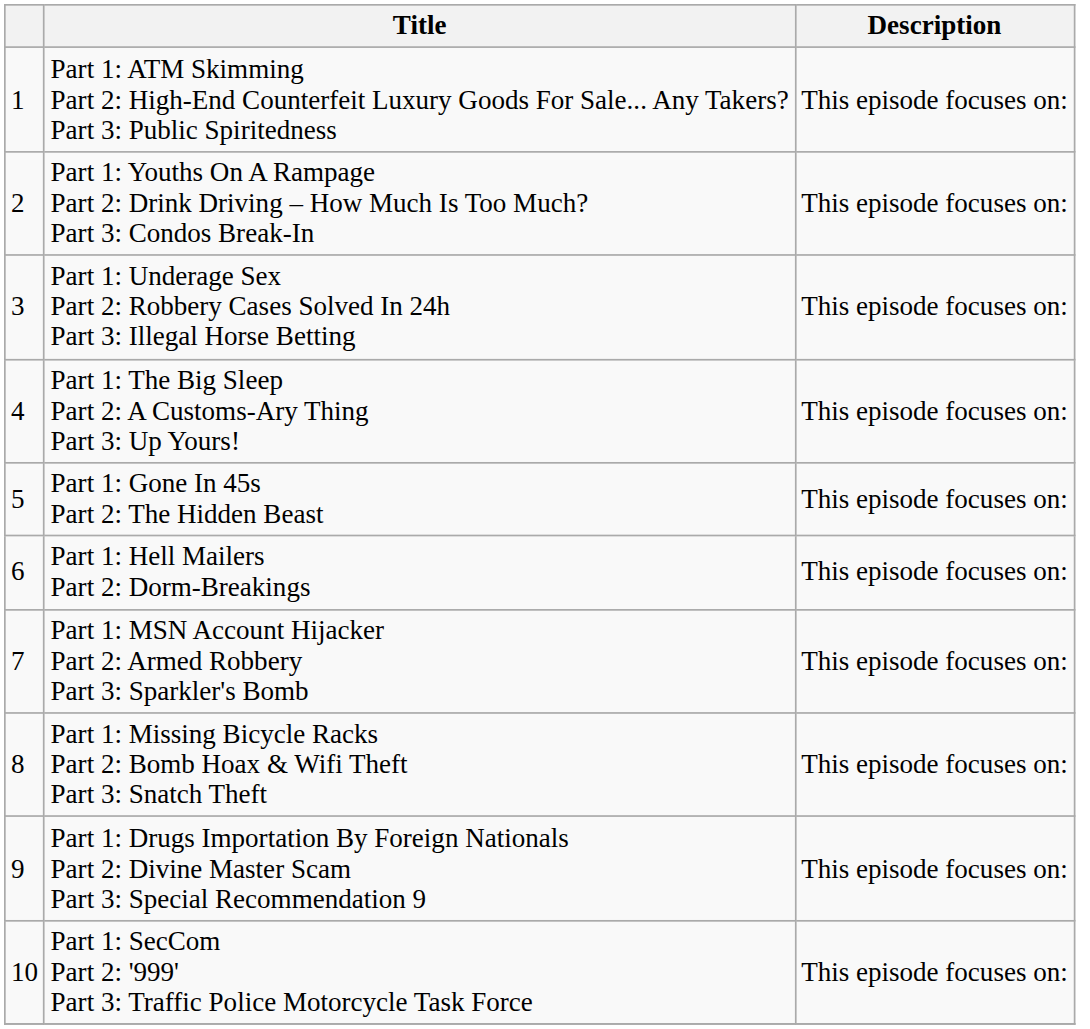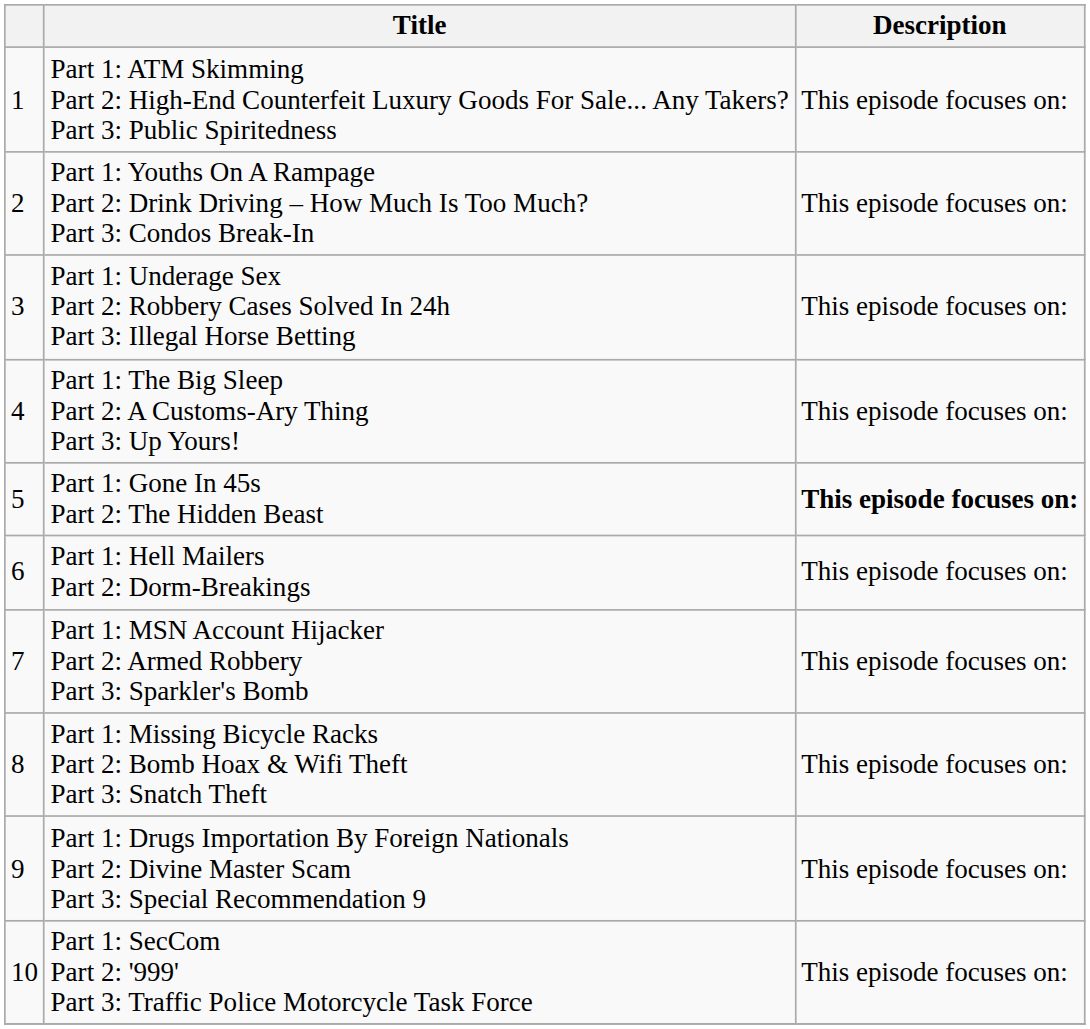 <table class="wikitable">
 <tr>
 <th></th>
 <th>Title</th>
 <th>Description</th>
 </tr>
 <tr>
 <td>1</td>
 <td>Part 1: ATM Skimming <br>Part 2: High-End Counterfeit Luxury Goods For Sale... Any Takers? <br>Part 3: Public Spiritedness</td>
 <td>This episode focuses on:</td>
 </tr>
 <tr>
 <td>2</td>
 <td>Part 1: Youths On A Rampage <br>Part 2: Drink Driving – How Much Is Too Much? <br>Part 3: Condos Break-In</td>
 <td>This episode focuses on:</td>
 </tr>
 <tr>
 <td>3</td>
 <td>Part 1: Underage Sex <br>Part 2: Robbery Cases Solved In 24h <br>Part 3: Illegal Horse Betting</td>
 <td>This episode focuses on:</td>
 </tr>
 <tr>
 <td>4</td>
 <td>Part 1: The Big Sleep <br>Part 2: A Customs-Ary Thing <br>Part 3: Up Yours!</td>
 <td>This episode focuses on:</td>
 </tr>
 <tr>
 <td>5</td>
 <td>Part 1: Gone In 45s <br>Part 2: The Hidden Beast</td>
-<td>This episode focuses on:</td>
+<td><strong>This episode focuses on:</strong></td>
 </tr>
 <tr>
 <td>6</td>
 <td>Part 1: Hell Mailers <br>Part 2: Dorm-Breakings</td>
 <td>This episode focuses on:</td>
 </tr>
 <tr>
 <td>7</td>
 <td>Part 1: MSN Account Hijacker <br>Part 2: Armed Robbery <br>Part 3: Sparkler's Bomb</td>
 <td>This episode focuses on:</td>
 </tr>
 <tr>
 <td>8</td>
 <td>Part 1: Missing Bicycle Racks <br>Part 2: Bomb Hoax & Wifi Theft <br>Part 3: Snatch Theft</td>
 <td>This episode focuses on:</td>
 </tr>
 <tr>
 <td>9</td>
 <td>Part 1: Drugs Importation By Foreign Nationals <br>Part 2: Divine Master Scam <br>Part 3: Special Recommendation 9</td>
 <td>This episode focuses on:</td>
 </tr>
 <tr>
 <td>10</td>
 <td>Part 1: SecCom <br>Part 2: '999' <br>Part 3: Traffic Police Motorcycle Task Force</td>
 <td>This episode focuses on:</td>
 </tr>
 <tr>
 </tr>
 </table>
